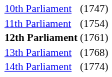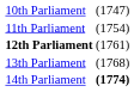 <table id=toc style="float:right">
 <tr>
 <td><a href='#'>10th Parliament</a></td>
 <td>(1747)</td>
 </tr>
 <tr>
 <td><a href='#'>11th Parliament</a></td>
 <td>(1754)</td>
 </tr>
 <tr>
 <td><strong>12th Parliament</strong></td>
 <td>(1761)</td>
 </tr>
 <tr>
 <td><a href='#'>13th Parliament</a></td>
 <td>(1768)</td>
 </tr>
 <tr>
 <td><a href='#'>14th Parliament</a></td>
-<td>(1774)</td>
+<td><strong>(1774)</strong></td>
 </tr>
 </table>
